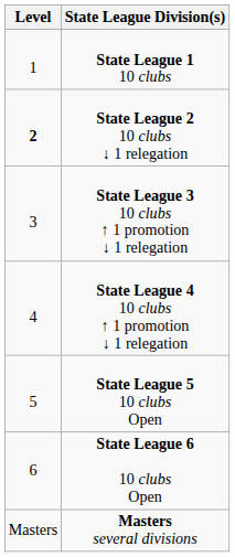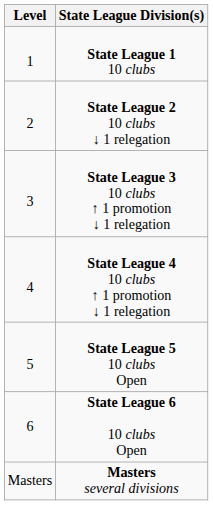 <table class="wikitable" style="text-align: center;">
 <tr>
 <th>Level</th>
 <th>State League Division(s)</th>
 </tr>
 <tr>
 <td><br>1</td>
 <td><br><strong>State League 1</strong><br> 10 <em>clubs</em></td>
 </tr>
 <tr>
-<td><strong><br>2</strong></td>
+<td><br>2</td>
 <td><br><strong>State League 2</strong><br> 10 <em>clubs</em> <br> ↓ 1 relegation</td>
 </tr>
 <tr>
 <td><br>3</td>
 <td><br><strong>State League 3</strong><br> 10 <em>clubs</em> <br> ↑ 1 promotion <br>↓ 1 relegation</td>
 </tr>
 <tr>
 <td><br>4</td>
 <td><br><strong>State League 4</strong><br> 10 <em>clubs</em> <br> ↑ 1 promotion <br>↓ 1 relegation</td>
 </tr>
 <tr>
 <td><br>5</td>
 <td><br><strong>State League 5</strong><br> 10 <em>clubs</em> <br> Open</td>
 </tr>
 <tr>
 <td>6</td>
 <td><strong>State League 6</strong><br><br>10 <em>clubs</em> <br> Open</td>
 </tr>
 <tr>
 <td>Masters</td>
 <td><strong>Masters</strong><br><em>several divisions</em></td>
 </tr>
 </table>
